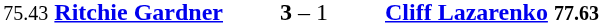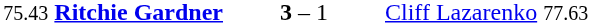 <table style="text-align:center">
 <tr>
 <th width=223></th>
 <th width=100></th>
 <th width=223></th>
 </tr>
 <tr>
 <td align=right><small>75.43</small> <strong><a href='#'>Ritchie Gardner</a></strong> </td>
 <td><strong>3</strong> – 1</td>
-<td align=left><strong> <a href='#'>Cliff Lazarenko</a> <small>77.63</small></strong></td>
+<td align=left> <a href='#'>Cliff Lazarenko</a> <small>77.63</small></td>
 </tr>
 </table>
